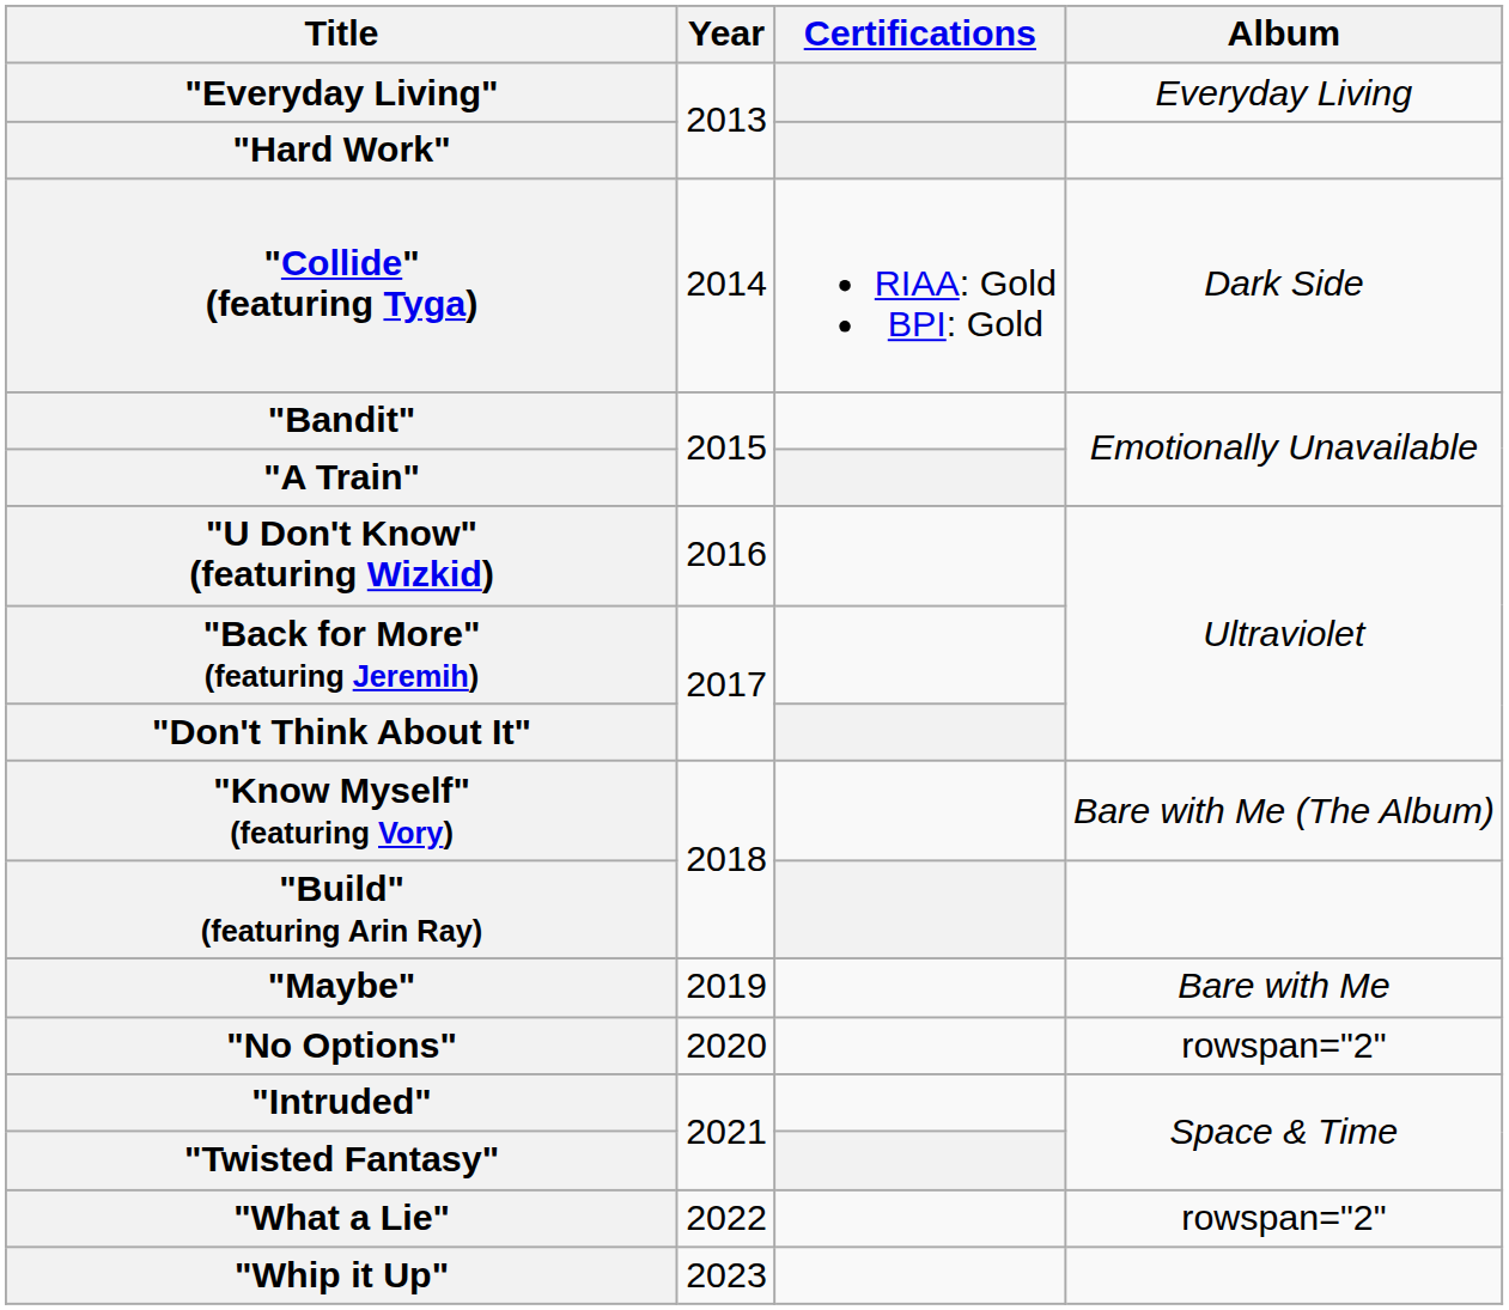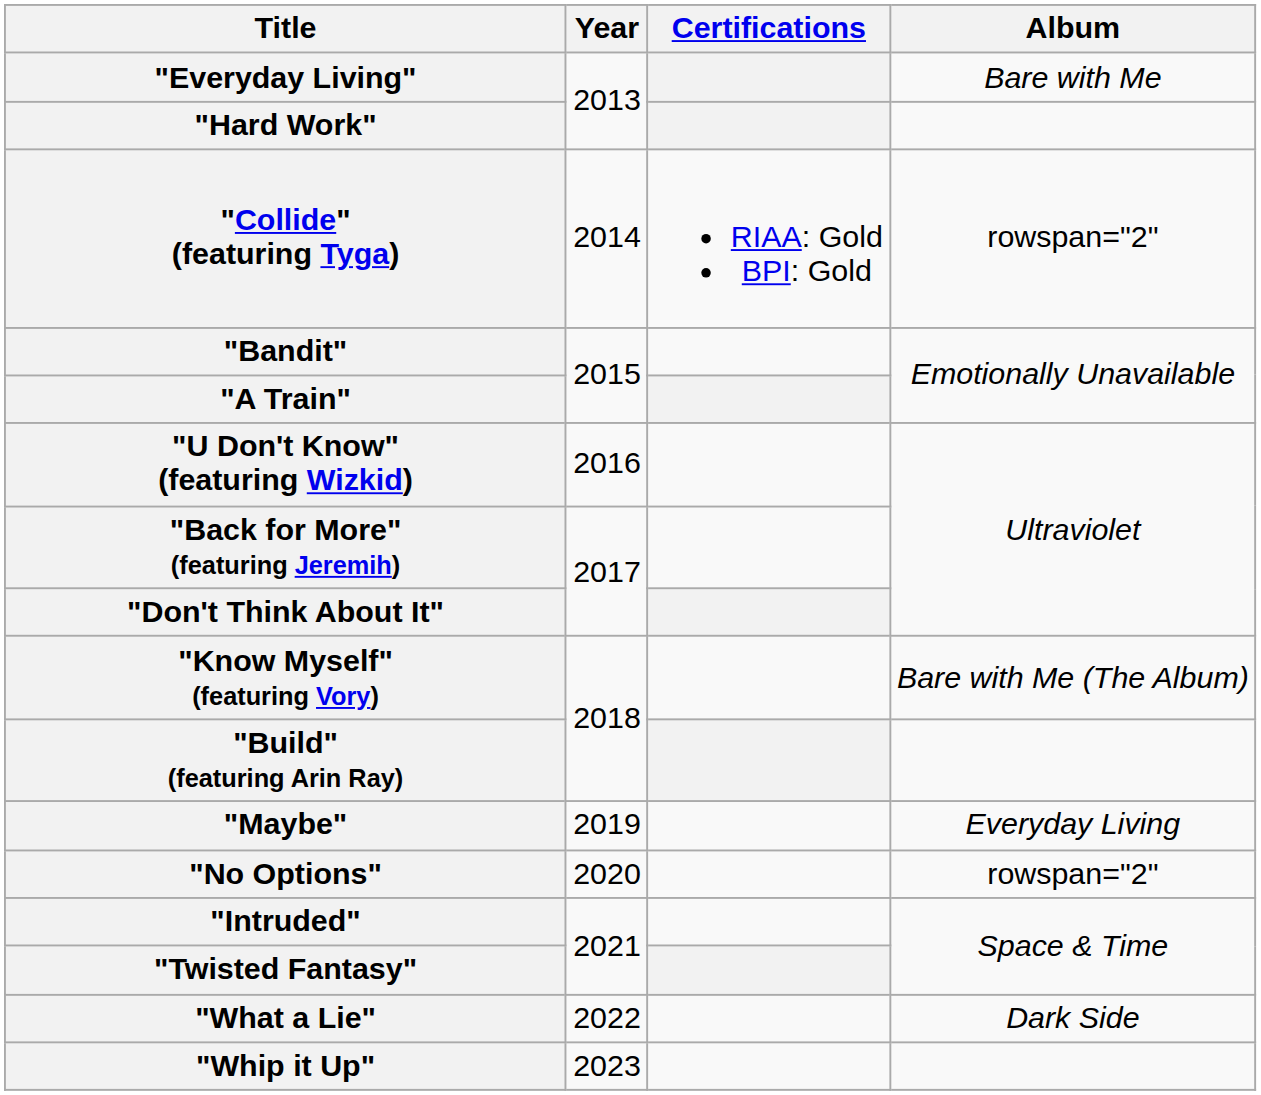 <table class="wikitable plainrowheaders" style="text-align:center;">
 <tr>
 <th scope="col" rowspan="1" style="width:18em;">Title</th>
 <th scope="col" rowspan="1">Year</th>
 <th><a href='#'>Certifications</a></th>
 <th rowspan="1" scope="col">Album</th>
 </tr>
 <tr>
 <th scope="row">"Everyday Living"</th>
 <td rowspan="2">2013</td>
 <th></th>
-<td><em>Everyday Living</em></td>
+<td><em>Bare with Me</em></td>
 </tr>
 <tr>
 <th scope="row">"Hard Work"</th>
 <th></th>
 <td></td>
 </tr>
 <tr>
 <th scope="row">"<a href='#'>Collide</a>" <br><span>(featuring <a href='#'>Tyga</a>)</span></th>
 <td>2014</td>
 <td><br><ul><li><a href='#'>RIAA</a>: Gold</li><li><a href='#'>BPI</a>: Gold</li></ul></td>
-<td><em>Dark Side</em></td>
+<td>rowspan="2" </td>
 </tr>
 <tr>
 <th scope="row">"Bandit"</th>
 <td rowspan="2">2015</td>
 <td></td>
 <td rowspan="2"><em>Emotionally Unavailable</em></td>
 </tr>
 <tr>
 <th scope="row">"A Train"</th>
 <th></th>
 </tr>
 <tr>
 <th scope="row">"U Don't Know"<br><span>(featuring <a href='#'>Wizkid</a>)</span></th>
 <td>2016</td>
 <td></td>
 <td rowspan="3"><em>Ultraviolet</em></td>
 </tr>
 <tr>
 <th scope="row">"Back for More"<br><small>(featuring <a href='#'>Jeremih</a>)</small></th>
 <td rowspan="2">2017</td>
 <td></td>
 </tr>
 <tr>
 <th scope="row">"Don't Think About It"</th>
 <th></th>
 </tr>
 <tr>
 <th scope="row">"Know Myself"<br><small>(featuring <a href='#'>Vory</a>)</small></th>
 <td rowspan="2">2018</td>
 <td></td>
 <td><em>Bare with Me (The Album)</em></td>
 </tr>
 <tr>
 <th scope="row">"Build"<br><small>(featuring Arin Ray)</small></th>
 <th></th>
 </tr>
 <tr>
 <th scope="row">"Maybe"</th>
 <td>2019</td>
 <td></td>
-<td><em>Bare with Me</em></td>
+<td><em>Everyday Living</em></td>
 </tr>
 <tr>
 <th scope="row">"No Options"</th>
 <td>2020</td>
 <td></td>
 <td>rowspan="2" </td>
 </tr>
 <tr>
 <th scope="row">"Intruded"</th>
 <td rowspan="2">2021</td>
 <td></td>
 <td rowspan="2"><em>Space & Time</em></td>
 </tr>
 <tr>
 <th scope="row">"Twisted Fantasy"</th>
 <th></th>
 </tr>
 <tr>
 <th scope="row">"What a Lie"</th>
 <td>2022</td>
 <td></td>
-<td>rowspan="2" </td>
+<td><em>Dark Side</em></td>
 </tr>
 <tr>
 <th scope="row">"Whip it Up"</th>
 <td>2023</td>
 <td></td>
 </tr>
 </table>
